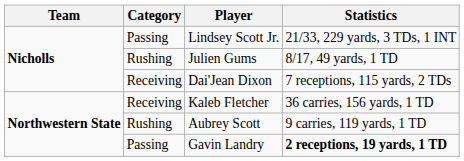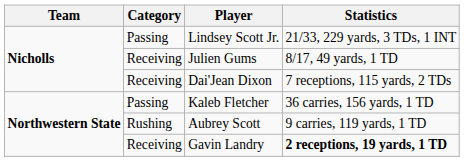 <table class="wikitable" style="float: left;">
 <tr>
 <th>Team</th>
 <th>Category</th>
 <th>Player</th>
 <th>Statistics</th>
 </tr>
 <tr>
 <td rowspan=3><strong>Nicholls</strong></td>
 <td>Passing</td>
 <td>Lindsey Scott Jr.</td>
 <td>21/33, 229 yards, 3 TDs, 1 INT</td>
 </tr>
 <tr>
-<td>Rushing</td>
+<td>Receiving</td>
 <td>Julien Gums</td>
 <td>8/17, 49 yards, 1 TD</td>
 </tr>
 <tr>
 <td>Receiving</td>
 <td>Dai'Jean Dixon</td>
 <td>7 receptions, 115 yards, 2 TDs</td>
 </tr>
 <tr>
 <td rowspan=3><strong>Northwestern State</strong></td>
-<td>Receiving</td>
+<td>Passing</td>
 <td>Kaleb Fletcher</td>
 <td>36 carries, 156 yards, 1 TD</td>
 </tr>
 <tr>
 <td>Rushing</td>
 <td>Aubrey Scott</td>
 <td>9 carries, 119 yards, 1 TD</td>
 </tr>
 <tr>
-<td>Passing</td>
+<td>Receiving</td>
 <td>Gavin Landry</td>
 <td><strong>2 receptions, 19 yards, 1 TD</strong></td>
 </tr>
 </table>
